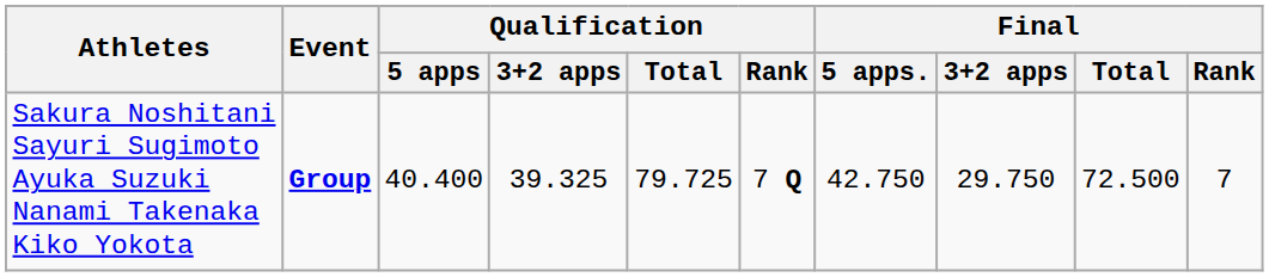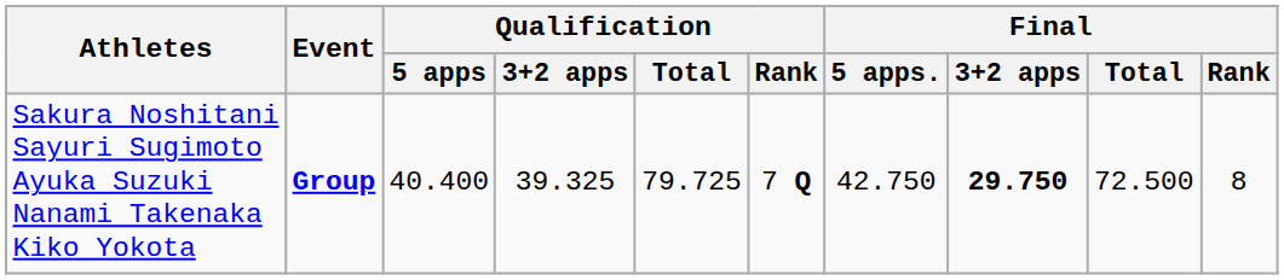 <table class="wikitable" style="font-size:90%">
 <tr>
 <th rowspan="2">Athletes</th>
 <th rowspan="2">Event</th>
 <th colspan="4">Qualification</th>
 <th colspan="4">Final</th>
 </tr>
 <tr style="font-size:95%">
 <th>5 apps</th>
 <th>3+2 apps</th>
 <th>Total</th>
 <th>Rank</th>
 <th>5 apps.</th>
 <th>3+2 apps</th>
 <th>Total</th>
 <th>Rank</th>
 </tr>
 <tr align=center>
 <td align=left><a href='#'>Sakura Noshitani</a><br><a href='#'>Sayuri Sugimoto</a><br><a href='#'>Ayuka Suzuki</a><br><a href='#'>Nanami Takenaka</a><br><a href='#'>Kiko Yokota</a></td>
 <td align=left><strong><a href='#'>Group</a></strong></td>
 <td>40.400</td>
 <td>39.325</td>
 <td>79.725</td>
 <td>7 <strong>Q</strong></td>
 <td>42.750</td>
-<td>29.750</td>
+<td><strong>29.750</strong></td>
 <td>72.500</td>
-<td>7</td>
+<td>8</td>
 </tr>
 </table>
